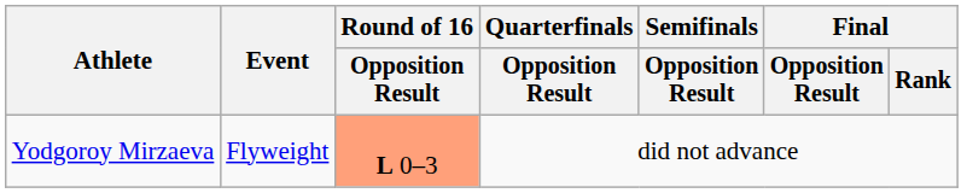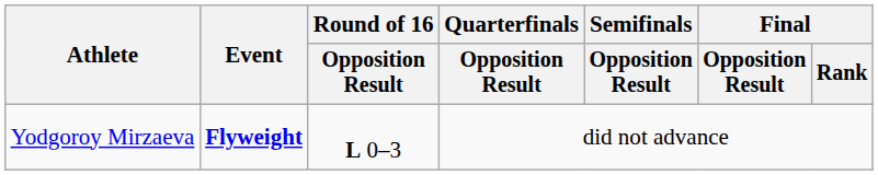 <table class="wikitable" style="font-size:90%">
 <tr>
 <th rowspan="2">Athlete</th>
 <th rowspan="2">Event</th>
 <th>Round of 16</th>
 <th>Quarterfinals</th>
 <th>Semifinals</th>
 <th colspan=2>Final</th>
 </tr>
 <tr style="font-size:95%">
 <th>Opposition<br>Result</th>
 <th>Opposition<br>Result</th>
 <th>Opposition<br>Result</th>
 <th>Opposition<br>Result</th>
 <th>Rank</th>
 </tr>
 <tr align=center>
 <td align=left><a href='#'>Yodgoroy Mirzaeva</a></td>
-<td align=left><a href='#'>Flyweight</a></td>
-<td style="background: lightsalmon;"><br><strong>L</strong> 0–3</td>
+<td align=left><strong><a href='#'>Flyweight</a></strong></td>
+<td><br><strong>L</strong> 0–3</td>
 <td colspan=4>did not advance</td>
 </tr>
 </table>
